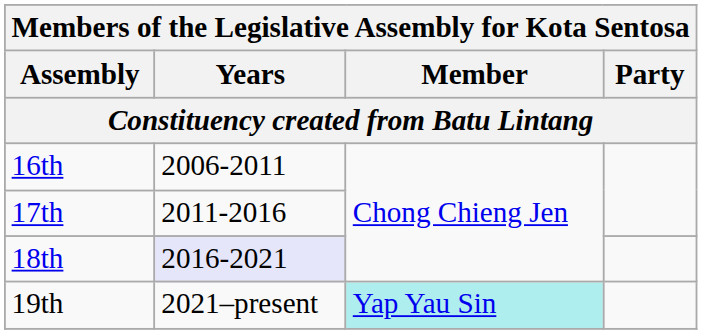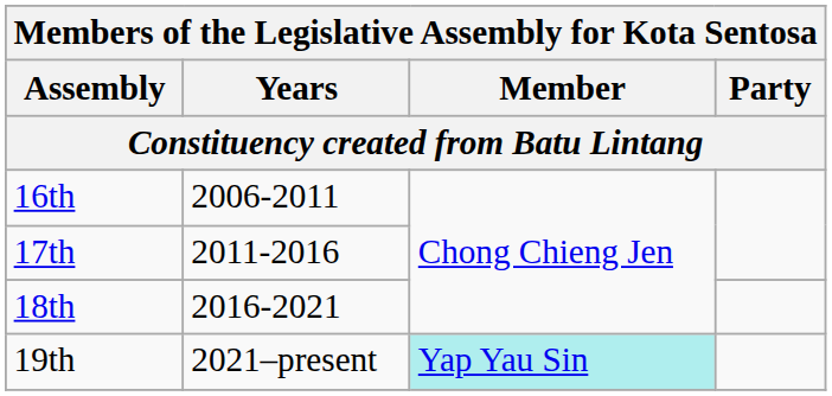 <table class=wikitable>
 <tr>
 <th colspan="4">Members of the Legislative Assembly for Kota Sentosa</th>
 </tr>
 <tr>
 <th>Assembly</th>
 <th>Years</th>
 <th>Member</th>
 <th>Party</th>
 </tr>
 <tr>
 <th colspan=4 align=center><em>Constituency created from Batu Lintang</em></th>
 </tr>
 <tr>
 <td><a href='#'>16th</a></td>
 <td>2006-2011</td>
 <td rowspan=3><a href='#'>Chong Chieng Jen</a></td>
 <td rowspan=2></td>
 </tr>
 <tr>
 <td><a href='#'>17th</a></td>
 <td>2011-2016</td>
 </tr>
 <tr>
 <td><a href='#'>18th</a></td>
-<td style="background: lavender;">2016-2021</td>
+<td>2016-2021</td>
 <td bgcolor=></td>
 </tr>
 <tr>
 <td>19th</td>
 <td>2021–present</td>
 <td style="background: paleturquoise;"><a href='#'>Yap Yau Sin</a></td>
 <td bgcolor=></td>
 </tr>
 </table>
